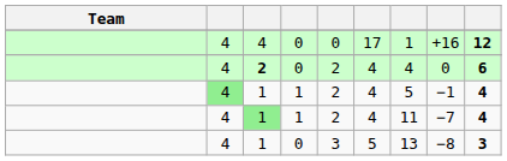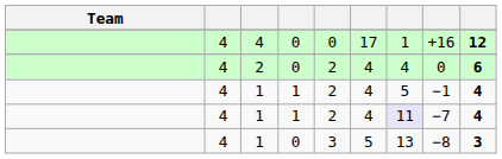 <table class="wikitable" style="text-align: center;">
 <tr>
 <th width=165>Team</th>
 <th width=25></th>
 <th width=25></th>
 <th width=25></th>
 <th width=25></th>
 <th width=25></th>
 <th width=25></th>
 <th width=25></th>
 <th width=25></th>
 </tr>
 <tr style="background:#ffffff;">
 </tr>
 <tr style="background:#ccffcc;">
 <td style="text-align:left;"></td>
 <td>4</td>
 <td>4</td>
 <td>0</td>
 <td>0</td>
 <td>17</td>
 <td>1</td>
 <td>+16</td>
 <td><strong>12</strong></td>
 </tr>
 <tr align=center>
 </tr>
 <tr style="background:#ccffcc;">
 <td style="text-align:left;"></td>
 <td>4</td>
-<td><strong>2</strong></td>
+<td>2</td>
 <td>0</td>
 <td>2</td>
 <td>4</td>
 <td>4</td>
 <td>0</td>
 <td><strong>6</strong></td>
 </tr>
 <tr align=center>
 <td style="text-align:left;"></td>
-<td style="background: lightgreen;">4</td>
+<td>4</td>
 <td>1</td>
 <td>1</td>
 <td>2</td>
 <td>4</td>
 <td>5</td>
 <td>−1</td>
 <td><strong>4</strong></td>
 </tr>
 <tr align=center>
 <td style="text-align:left;"></td>
 <td>4</td>
-<td style="background: lightgreen;">1</td>
+<td>1</td>
 <td>1</td>
 <td>2</td>
 <td>4</td>
-<td>11</td>
+<td style="background: lavender;">11</td>
 <td>−7</td>
 <td><strong>4</strong></td>
 </tr>
 <tr align=center>
 <td style="text-align:left;"></td>
 <td>4</td>
 <td>1</td>
 <td>0</td>
 <td>3</td>
 <td>5</td>
 <td>13</td>
 <td>−8</td>
 <td><strong>3</strong></td>
 </tr>
 </table>
